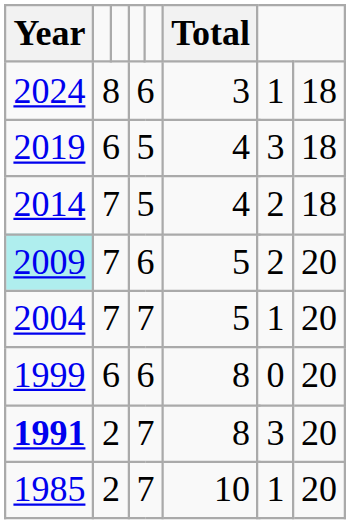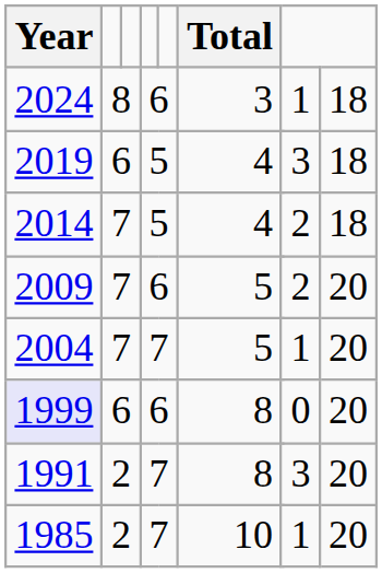 <table class="wikitable" style="text-align:right; padding-left:1em">
 <tr>
 <th align="left">Year</th>
 <td></td>
 <td></td>
 <td></td>
 <td></td>
 <th align="left">Total</th>
 </tr>
 <tr>
 <td align=left><a href='#'>2024</a></td>
 <td colspan=2>8</td>
 <td colspan=2>6</td>
 <td colspan=2>3</td>
 <td colspan=2>1</td>
 <td>18</td>
 </tr>
 <tr>
 <td align=left><a href='#'>2019</a></td>
 <td colspan=2>6</td>
 <td colspan=2>5</td>
 <td colspan=2>4</td>
 <td colspan=2>3</td>
 <td>18</td>
 </tr>
 <tr>
 <td align=left><a href='#'>2014</a></td>
 <td colspan=2>7</td>
 <td colspan=2>5</td>
 <td colspan=2>4</td>
 <td colspan=2>2</td>
 <td>18</td>
 </tr>
 <tr>
-<td align=left style="background: paleturquoise;"><a href='#'>2009</a></td>
+<td align=left><a href='#'>2009</a></td>
 <td colspan=2>7</td>
 <td colspan=2>6</td>
 <td colspan=2>5</td>
 <td colspan=2>2</td>
 <td>20</td>
 </tr>
 <tr>
 <td align=left><a href='#'>2004</a></td>
 <td colspan=2>7</td>
 <td colspan=2>7</td>
 <td colspan=2>5</td>
 <td colspan=2>1</td>
 <td>20</td>
 </tr>
 <tr>
-<td align=left><a href='#'>1999</a></td>
+<td align=left style="background: lavender;"><a href='#'>1999</a></td>
 <td colspan=2>6</td>
 <td colspan=2>6</td>
 <td colspan=2>8</td>
 <td colspan=2>0</td>
 <td>20</td>
 </tr>
 <tr>
-<td align=left><strong><a href='#'>1991</a></strong></td>
+<td align=left><a href='#'>1991</a></td>
 <td colspan=2>2</td>
 <td colspan=2>7</td>
 <td colspan=2>8</td>
 <td colspan=2>3</td>
 <td>20</td>
 </tr>
 <tr>
 <td align=left><a href='#'>1985</a></td>
 <td colspan=2>2</td>
 <td colspan=2>7</td>
 <td colspan=2>10</td>
 <td colspan=2>1</td>
 <td>20</td>
 </tr>
 </table>
